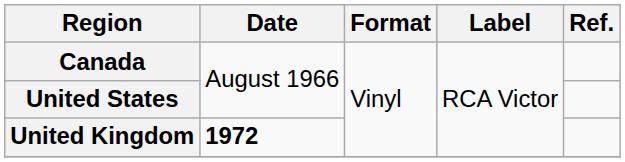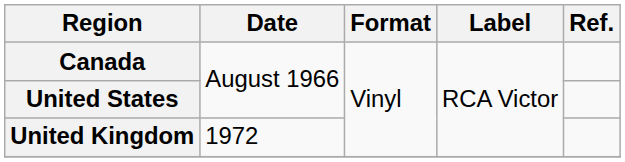 <table class="wikitable plainrowheaders">
 <tr>
 <th scope="col">Region</th>
 <th scope="col">Date</th>
 <th scope="col">Format</th>
 <th scope="col">Label</th>
 <th scope="col">Ref.</th>
 </tr>
 <tr>
 <th scope="row">Canada</th>
 <td rowspan="2">August 1966</td>
 <td rowspan="3">Vinyl</td>
 <td rowspan="3">RCA Victor</td>
 <td></td>
 </tr>
 <tr>
 <th scope="row">United States</th>
 <td></td>
 </tr>
 <tr>
 <th scope="row">United Kingdom</th>
-<td><strong>1972</strong></td>
+<td>1972</td>
 <td></td>
 </tr>
 <tr>
 </tr>
 </table>
